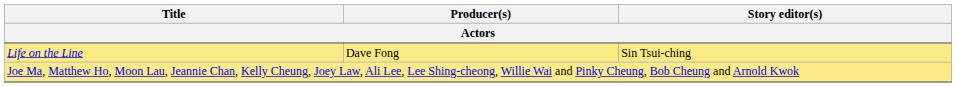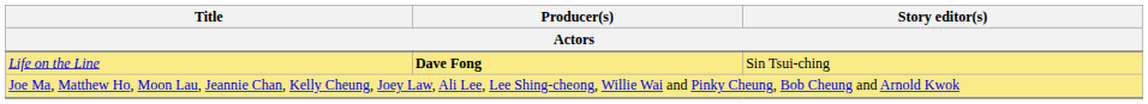 <table class="wikitable" border="1" width="100%">
 <tr style="background:#bebebe">
 <th>Title</th>
 <th>Producer(s)</th>
 <th>Story editor(s)</th>
 </tr>
 <tr style="background:#bebebe">
 <th colspan="3" style="border-bottom:2px solid grey">Actors</th>
 </tr>
 <tr style="background:#FAEB86">
 <td><em><a href='#'>Life on the Line</a></em></td>
-<td>Dave Fong</td>
+<td><strong>Dave Fong</strong></td>
 <td>Sin Tsui-ching</td>
 </tr>
 <tr style="background:#FAEB86">
 <td colspan="3" style="border-bottom:2px solid grey"><a href='#'>Joe Ma</a>, <a href='#'>Matthew Ho</a>, <a href='#'>Moon Lau</a>, <a href='#'>Jeannie Chan</a>, <a href='#'>Kelly Cheung</a>, <a href='#'>Joey Law</a>, <a href='#'>Ali Lee</a>, <a href='#'>Lee Shing-cheong</a>, <a href='#'>Willie Wai</a> and <a href='#'>Pinky Cheung</a>, <a href='#'>Bob Cheung</a> and <a href='#'>Arnold Kwok</a></td>
 </tr>
 </table>
